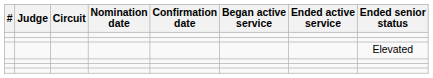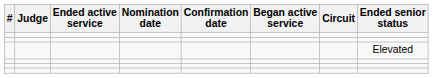 <table class="sortable wikitable">
 <tr bgcolor="#ececec">
 <th>#</th>
 <th>Judge</th>
-<th>Circuit</th>
+<th>Ended active<br>service</th>
 <th>Nomination<br>date</th>
 <th>Confirmation<br>date</th>
 <th>Began active<br>service</th>
-<th>Ended active<br>service</th>
+<th>Circuit</th>
 <th>Ended senior<br>status</th>
 </tr>
 <tr>
 <td></td>
 <td></td>
 <td></td>
 <td></td>
 <td></td>
 <td></td>
 <td></td>
 <td></td>
 </tr>
 <tr>
 <td></td>
 <td></td>
 <td></td>
 <td></td>
 <td></td>
 <td></td>
 <td></td>
 <td align="center"></td>
 </tr>
 <tr>
 <td></td>
 <td></td>
 <td></td>
 <td></td>
 <td></td>
 <td></td>
 <td></td>
 <td align="center">Elevated</td>
 </tr>
 <tr>
 <td></td>
 <td></td>
 <td></td>
 <td></td>
 <td></td>
 <td></td>
 <td></td>
 <td align="center"></td>
 </tr>
 <tr>
 <td></td>
 <td></td>
 <td></td>
 <td></td>
 <td></td>
 <td></td>
 <td></td>
 <td align="center"></td>
 </tr>
 <tr>
 <td></td>
 <td></td>
 <td></td>
 <td></td>
 <td></td>
 <td></td>
 <td></td>
 <td align="center"></td>
 </tr>
 </table>
